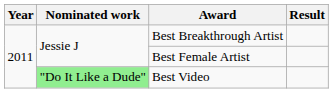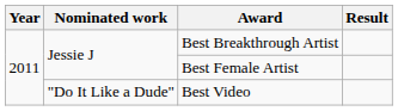 <table class="wikitable">
 <tr>
 <th>Year</th>
 <th>Nominated work</th>
 <th>Award</th>
 <th>Result</th>
 </tr>
 <tr>
 <td rowspan="4">2011</td>
 <td rowspan="2">Jessie J</td>
 <td>Best Breakthrough Artist</td>
 <td></td>
 </tr>
 <tr>
 <td>Best Female Artist</td>
 <td></td>
 </tr>
 <tr>
-<td rowspan="1" style="background: lightgreen;">"Do It Like a Dude"</td>
+<td rowspan="1">"Do It Like a Dude"</td>
 <td>Best Video</td>
 <td></td>
 </tr>
 </table>
